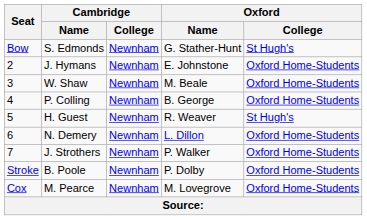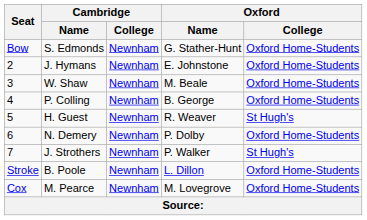 <table class="wikitable">
 <tr>
 <th rowspan="2" scope="col">Seat</th>
 <th colspan="2" scope="col">Cambridge <br> </th>
 <th colspan="2" scope="col">Oxford <br> </th>
 </tr>
 <tr>
 <th>Name</th>
 <th>College</th>
 <th>Name</th>
 <th>College</th>
 </tr>
 <tr>
 <td><a href='#'>Bow</a></td>
 <td>S. Edmonds</td>
 <td><a href='#'>Newnham</a></td>
 <td>G. Stather-Hunt</td>
-<td><a href='#'>St Hugh's</a></td>
+<td><a href='#'>Oxford Home-Students</a></td>
 </tr>
 <tr>
 <td>2</td>
 <td>J. Hymans</td>
 <td><a href='#'>Newnham</a></td>
 <td>E. Johnstone</td>
 <td><a href='#'>Oxford Home-Students</a></td>
 </tr>
 <tr>
 <td>3</td>
 <td>W. Shaw</td>
 <td><a href='#'>Newnham</a></td>
 <td>M. Beale</td>
 <td><a href='#'>Oxford Home-Students</a></td>
 </tr>
 <tr>
 <td>4</td>
 <td>P. Colling</td>
 <td><a href='#'>Newnham</a></td>
 <td>B. George</td>
 <td><a href='#'>Oxford Home-Students</a></td>
 </tr>
 <tr>
 <td>5</td>
 <td>H. Guest</td>
 <td><a href='#'>Newnham</a></td>
 <td>R. Weaver</td>
 <td><a href='#'>St Hugh's</a></td>
 </tr>
 <tr>
 <td>6</td>
 <td>N. Demery</td>
 <td><a href='#'>Newnham</a></td>
-<td><a href='#'>L. Dillon</a></td>
+<td>P. Dolby</td>
 <td><a href='#'>Oxford Home-Students</a></td>
 </tr>
 <tr>
 <td>7</td>
 <td>J. Strothers</td>
 <td><a href='#'>Newnham</a></td>
 <td>P. Walker</td>
-<td><a href='#'>Oxford Home-Students</a></td>
+<td><a href='#'>St Hugh's</a></td>
 </tr>
 <tr>
 <td><a href='#'>Stroke</a></td>
 <td>B. Poole</td>
 <td><a href='#'>Newnham</a></td>
-<td>P. Dolby</td>
+<td><a href='#'>L. Dillon</a></td>
 <td><a href='#'>Oxford Home-Students</a></td>
 </tr>
 <tr>
 <td><a href='#'>Cox</a></td>
 <td>M. Pearce</td>
 <td><a href='#'>Newnham</a></td>
 <td>M. Lovegrove</td>
 <td><a href='#'>Oxford Home-Students</a></td>
 </tr>
 <tr>
 <th colspan="7">Source:</th>
 </tr>
 </table>
